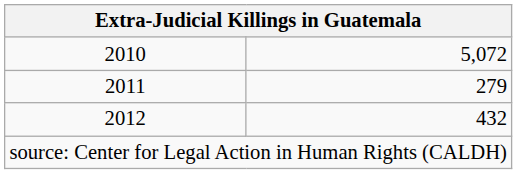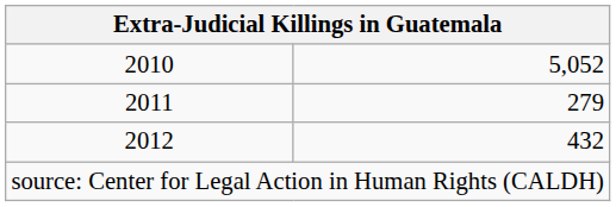 <table class="wikitable" style="align:center;">
 <tr>
 <th colspan=2>Extra-Judicial Killings in Guatemala</th>
 </tr>
 <tr>
 <td style="text-align:center;">2010</td>
-<td style="text-align:right;">5,072</td>
+<td style="text-align:right;">5,052</td>
 </tr>
 <tr>
 <td style="text-align:center;">2011</td>
 <td style="text-align:right;">279</td>
 </tr>
 <tr>
 <td style="text-align:center;">2012</td>
 <td style="text-align:right;">432</td>
 </tr>
 <tr>
 <td colspan=2>source: Center for Legal Action in Human Rights (CALDH)</td>
 </tr>
 </table>
